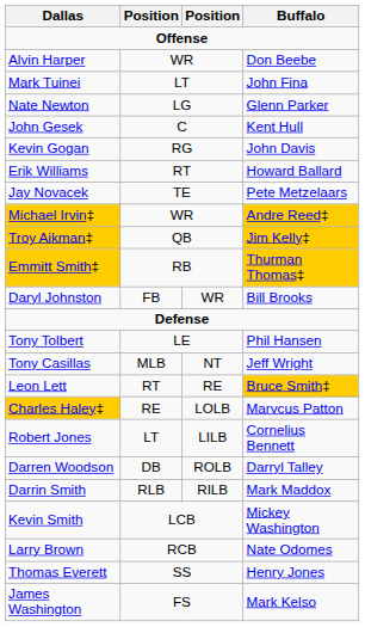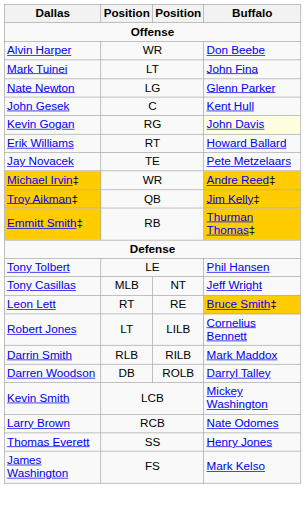 <table class="wikitable">
 <tr>
 <th width="125px">Dallas</th>
 <th>Position</th>
 <th>Position</th>
 <th width="125px">Buffalo</th>
 </tr>
 <tr>
 <td colspan="4" style="text-align:center"><strong>Offense</strong></td>
 </tr>
 <tr>
 <td><a href='#'>Alvin Harper</a></td>
 <td colspan="2" style="text-align:center;">WR</td>
 <td><a href='#'>Don Beebe</a></td>
 </tr>
 <tr>
 <td><a href='#'>Mark Tuinei</a></td>
 <td colspan="2" style="text-align:center;">LT</td>
 <td><a href='#'>John Fina</a></td>
 </tr>
 <tr>
 <td><a href='#'>Nate Newton</a></td>
 <td colspan="2" style="text-align:center;">LG</td>
 <td><a href='#'>Glenn Parker</a></td>
 </tr>
 <tr>
 <td><a href='#'>John Gesek</a></td>
 <td colspan="2" style="text-align:center;">C</td>
 <td><a href='#'>Kent Hull</a></td>
 </tr>
 <tr>
 <td><a href='#'>Kevin Gogan</a></td>
 <td colspan="2" style="text-align:center;">RG</td>
-<td><a href='#'>John Davis</a></td>
+<td style="background: lightyellow;"><a href='#'>John Davis</a></td>
 </tr>
 <tr>
 <td><a href='#'>Erik Williams</a></td>
 <td colspan="2" style="text-align:center;">RT</td>
 <td><a href='#'>Howard Ballard</a></td>
 </tr>
 <tr>
 <td><a href='#'>Jay Novacek</a></td>
 <td colspan="2" style="text-align:center;">TE</td>
 <td><a href='#'>Pete Metzelaars</a></td>
 </tr>
 <tr>
 <td bgcolor="#FFCC00"><a href='#'>Michael Irvin</a>‡</td>
 <td colspan="2" style="text-align:center;">WR</td>
 <td bgcolor="#FFCC00"><a href='#'>Andre Reed</a>‡</td>
 </tr>
 <tr>
 <td bgcolor="#FFCC00"><a href='#'>Troy Aikman</a>‡</td>
 <td colspan="2" style="text-align:center;">QB</td>
 <td bgcolor="#FFCC00"><a href='#'>Jim Kelly</a>‡</td>
 </tr>
 <tr>
 <td bgcolor="#FFCC00"><a href='#'>Emmitt Smith</a>‡</td>
 <td colspan="2" style="text-align:center;">RB</td>
 <td bgcolor="#FFCC00"><a href='#'>Thurman Thomas</a>‡</td>
 </tr>
 <tr>
-<td><a href='#'>Daryl Johnston</a></td>
-<td style="text-align:center;">FB</td>
-<td style="text-align:center;">WR</td>
-<td><a href='#'>Bill Brooks</a></td>
-</tr>
-<tr>
 <td colspan="4" align="center"><strong>Defense</strong></td>
 </tr>
 <tr>
 <td><a href='#'>Tony Tolbert</a></td>
 <td colspan="2" style="text-align:center;">LE</td>
 <td><a href='#'>Phil Hansen</a></td>
 </tr>
 <tr>
 <td><a href='#'>Tony Casillas</a></td>
 <td style="text-align:center;">MLB</td>
 <td style="text-align:center;">NT</td>
 <td><a href='#'>Jeff Wright</a></td>
 </tr>
 <tr>
 <td><a href='#'>Leon Lett</a></td>
 <td style="text-align:center;">RT</td>
 <td style="text-align:center;">RE</td>
 <td bgcolor="#FFCC00"><a href='#'>Bruce Smith</a>‡</td>
 </tr>
 <tr>
-<td bgcolor="#FFCC00"><a href='#'>Charles Haley</a>‡</td>
-<td style="text-align:center;">RE</td>
-<td style="text-align:center;">LOLB</td>
-<td><a href='#'>Marvcus Patton</a></td>
-</tr>
-<tr>
 <td><a href='#'>Robert Jones</a></td>
 <td style="text-align:center;">LT</td>
 <td style="text-align:center;">LILB</td>
 <td><a href='#'>Cornelius Bennett</a></td>
 </tr>
 <tr>
+<td><a href='#'>Darrin Smith</a></td>
+<td style="text-align:center;">RLB</td>
+<td style="text-align:center;">RILB</td>
+<td><a href='#'>Mark Maddox</a></td>
+</tr>
+<tr>
 <td><a href='#'>Darren Woodson</a></td>
 <td style="text-align:center;">DB</td>
 <td style="text-align:center;">ROLB</td>
 <td><a href='#'>Darryl Talley</a></td>
-</tr>
-<tr>
-<td><a href='#'>Darrin Smith</a></td>
-<td style="text-align:center;">RLB</td>
-<td style="text-align:center;">RILB</td>
-<td><a href='#'>Mark Maddox</a></td>
 </tr>
 <tr>
 <td><a href='#'>Kevin Smith</a></td>
 <td colspan="2" style="text-align:center;">LCB</td>
 <td><a href='#'>Mickey Washington</a></td>
 </tr>
 <tr>
 <td><a href='#'>Larry Brown</a></td>
 <td colspan="2" style="text-align:center;">RCB</td>
 <td><a href='#'>Nate Odomes</a></td>
 </tr>
 <tr>
 <td><a href='#'>Thomas Everett</a></td>
 <td colspan="2" style="text-align:center;">SS</td>
 <td><a href='#'>Henry Jones</a></td>
 </tr>
 <tr>
 <td><a href='#'>James Washington</a></td>
 <td colspan="2" style="text-align:center;">FS</td>
 <td><a href='#'>Mark Kelso</a></td>
 </tr>
 </table>
